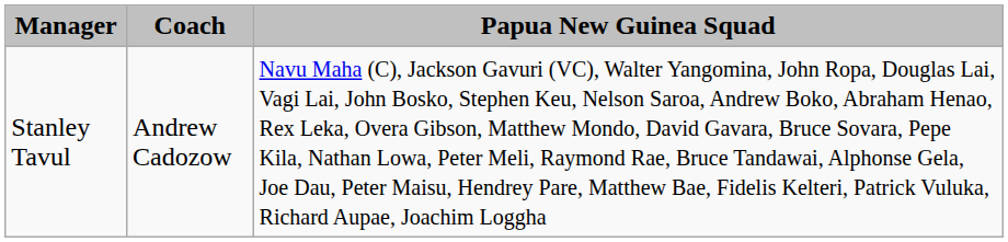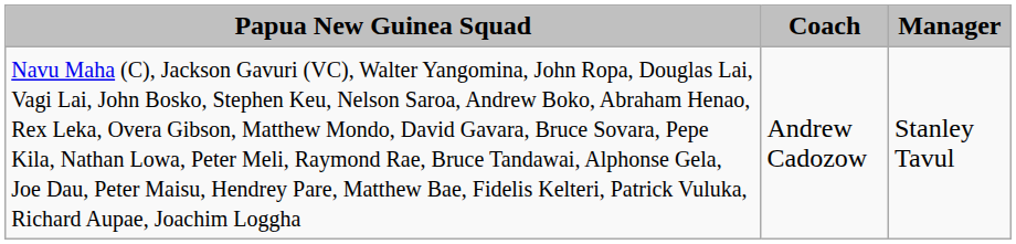 <table class="wikitable">
 <tr>
+<th style="background:silver;">Papua New Guinea Squad</th>
+<th style="background:silver;">Coach</th>
 <th style="background:silver;">Manager</th>
-<th style="background:silver;">Coach</th>
-<th style="background:silver;">Papua New Guinea Squad</th>
 </tr>
 <tr>
+<td><small><a href='#'>Navu Maha</a> (C), Jackson Gavuri (VC), Walter Yangomina, John Ropa, Douglas Lai, Vagi Lai, John Bosko, Stephen Keu, Nelson Saroa, Andrew Boko, Abraham Henao, Rex Leka, Overa Gibson, Matthew Mondo, David Gavara, Bruce Sovara, Pepe Kila, Nathan Lowa, Peter Meli, Raymond Rae, Bruce Tandawai, Alphonse Gela, Joe Dau, Peter Maisu, Hendrey Pare, Matthew Bae, Fidelis Kelteri, Patrick Vuluka, Richard Aupae, Joachim Loggha</small></td>
+<td>Andrew Cadozow</td>
 <td>Stanley Tavul</td>
-<td>Andrew Cadozow</td>
-<td><small><a href='#'>Navu Maha</a> (C), Jackson Gavuri (VC), Walter Yangomina, John Ropa, Douglas Lai, Vagi Lai, John Bosko, Stephen Keu, Nelson Saroa, Andrew Boko, Abraham Henao, Rex Leka, Overa Gibson, Matthew Mondo, David Gavara, Bruce Sovara, Pepe Kila, Nathan Lowa, Peter Meli, Raymond Rae, Bruce Tandawai, Alphonse Gela, Joe Dau, Peter Maisu, Hendrey Pare, Matthew Bae, Fidelis Kelteri, Patrick Vuluka, Richard Aupae, Joachim Loggha</small></td>
 </tr>
 </table>
